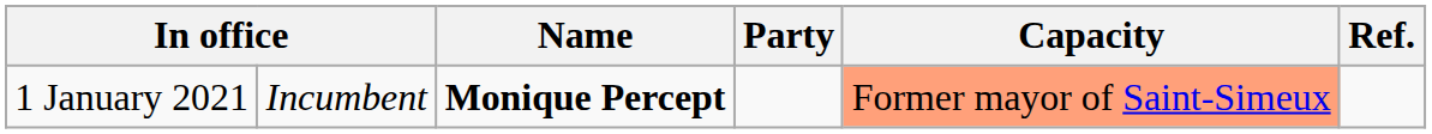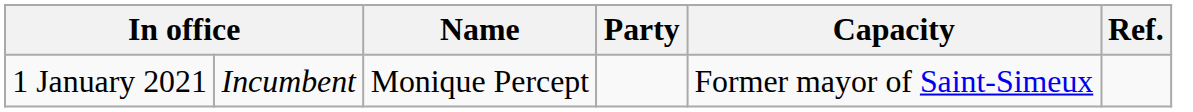 <table class="wikitable">
 <tr>
 <th colspan="2">In office</th>
 <th>Name</th>
 <th>Party</th>
 <th>Capacity</th>
 <th>Ref.</th>
 </tr>
 <tr>
 <td>1 January 2021</td>
 <td><em>Incumbent</em></td>
-<td><strong>Monique Percept</strong></td>
+<td>Monique Percept</td>
 <td></td>
-<td style="background: lightsalmon;">Former mayor of <a href='#'>Saint-Simeux</a></td>
+<td>Former mayor of <a href='#'>Saint-Simeux</a></td>
 <td></td>
 </tr>
 </table>
